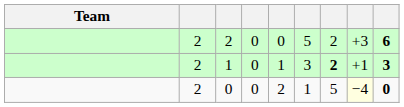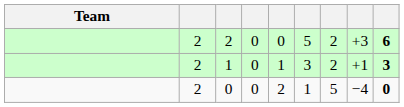 <table class="wikitable" style="text-align:center;">
 <tr>
 <th width="175">Team</th>
 <th width="30"></th>
 <th width="20"></th>
 <th width="20"></th>
 <th width="20"></th>
 <th width="20"></th>
 <th width="20"></th>
 <th width="20"></th>
 <th width="20"></th>
 </tr>
 <tr bgcolor="#ccffcc">
 <td style="text-align:left;"></td>
 <td>2</td>
 <td>2</td>
 <td>0</td>
 <td>0</td>
 <td>5</td>
 <td>2</td>
 <td>+3</td>
 <td><strong>6</strong></td>
 </tr>
 <tr bgcolor="#ccffcc" final>
 <td style="text-align:left;"></td>
 <td>2</td>
 <td>1</td>
 <td>0</td>
 <td>1</td>
 <td>3</td>
-<td><strong>2</strong></td>
+<td>2</td>
 <td>+1</td>
 <td><strong>3</strong></td>
 </tr>
 <tr>
 <td style="text-align:left;"></td>
 <td>2</td>
 <td>0</td>
 <td>0</td>
 <td>2</td>
 <td>1</td>
 <td>5</td>
-<td style="background: lightyellow;">−4</td>
+<td>−4</td>
 <td><strong>0</strong></td>
 </tr>
 </table>
